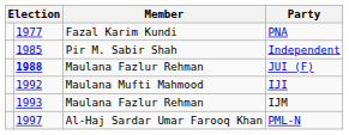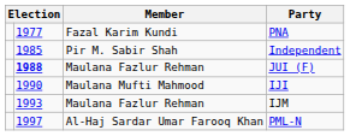 <table class="wikitable">
 <tr>
 <th colspan="2">Election</th>
 <th>Member</th>
 <th>Party</th>
 </tr>
 <tr>
 <td style="background-color: "></td>
 <td><a href='#'>1977</a></td>
 <td>Fazal Karim Kundi</td>
 <td><a href='#'>PNA</a></td>
 </tr>
 <tr>
 <td style="background-color: "></td>
 <td><a href='#'>1985</a></td>
 <td>Pir M. Sabir Shah</td>
 <td><a href='#'>Independent</a></td>
 </tr>
 <tr>
 <td style="background-color: "></td>
 <td><strong><a href='#'>1988</a></strong></td>
 <td>Maulana Fazlur Rehman</td>
 <td><a href='#'>JUI (F)</a></td>
 </tr>
 <tr>
 <td style="background-color: "></td>
-<td><a href='#'>1992</a></td>
+<td><a href='#'>1990</a></td>
 <td>Maulana Mufti Mahmood</td>
 <td><a href='#'>IJI</a></td>
 </tr>
 <tr>
 <td style="background-color: "></td>
 <td><a href='#'>1993</a></td>
 <td>Maulana Fazlur Rehman</td>
 <td>IJM</td>
 </tr>
 <tr>
 <td style="background-color: "></td>
 <td><a href='#'>1997</a></td>
 <td>Al-Haj Sardar Umar Farooq Khan</td>
 <td><a href='#'>PML-N</a></td>
 </tr>
 </table>
